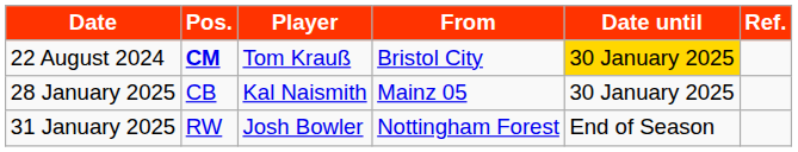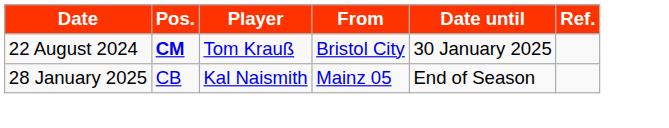 <table class="wikitable plainrowheaders sortable">
 <tr>
 <th style="background-color:#FF3300; color:white; ">Date</th>
 <th style="background-color:#FF3300; color:white; ">Pos.</th>
 <th style="background-color:#FF3300; color:white; ">Player</th>
 <th style="background-color:#FF3300; color:white; ">From</th>
 <th style="background-color:#FF3300; color:white; ">Date until</th>
 <th style="background-color:#FF3300; color:white; ">Ref.</th>
 </tr>
 <tr>
 <td>22 August 2024</td>
 <td><strong><a href='#'>CM</a></strong></td>
 <td> <a href='#'>Tom Krauß</a></td>
 <td> <a href='#'>Bristol City</a></td>
-<td style="background: gold;">30 January 2025</td>
+<td>30 January 2025</td>
 <td></td>
 </tr>
 <tr>
 <td>28 January 2025</td>
 <td><a href='#'>CB</a></td>
 <td> <a href='#'>Kal Naismith</a></td>
 <td> <a href='#'>Mainz 05</a></td>
-<td>30 January 2025</td>
-<td></td>
-</tr>
-<tr>
-<td>31 January 2025</td>
-<td><a href='#'>RW</a></td>
-<td> <a href='#'>Josh Bowler</a></td>
-<td> <a href='#'>Nottingham Forest</a></td>
 <td>End of Season</td>
 <td></td>
 </tr>
 </table>
